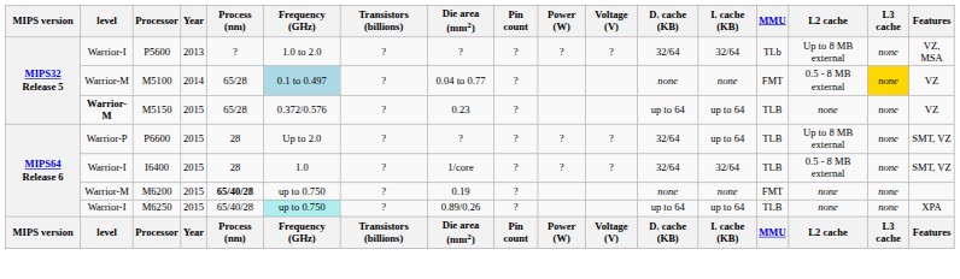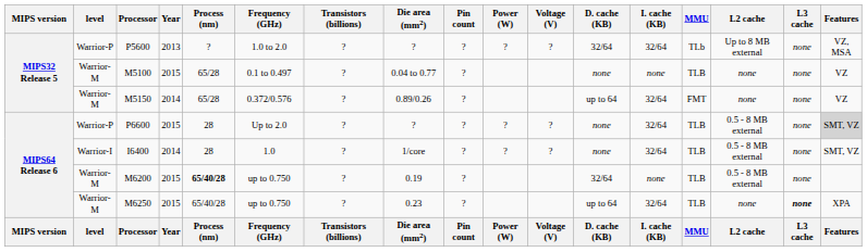 <table class="wikitable sortable mw-datatable" style="font-size: 85%; text-align: center" summary=>
 <tr>
 <th>MIPS version</th>
 <th>level</th>
 <th>Processor</th>
 <th>Year</th>
 <th abbr="Process">Process (nm)</th>
 <th abbr="Frequency">Frequency (GHz)</th>
 <th abbr="Transistors">Transistors (billions)</th>
 <th abbr="Size">Die area (mm<sup>2</sup>)</th>
 <th>Pin count</th>
 <th abbr="Power">Power (W)</th>
 <th abbr="Voltage">Voltage (V)</th>
 <th abbr="Data cache">D. cache (KB)</th>
 <th abbr="Instruction cache">I. cache (KB)</th>
 <th><a href='#'>MMU</a></th>
 <th>L2 cache</th>
 <th>L3 cache</th>
 <th>Features</th>
 </tr>
 <tr>
 <th rowspan=3><a href='#'>MIPS32</a> Release 5</th>
-<td>Warrior-I</td>
+<td>Warrior-P</td>
 <td>P5600</td>
 <td>2013</td>
 <td>?</td>
 <td>1.0 to 2.0</td>
 <td>?</td>
 <td>?</td>
 <td>?</td>
 <td>?</td>
 <td>?</td>
 <td>32/64</td>
 <td>32/64</td>
 <td>TLb</td>
 <td>Up to 8 MB external</td>
 <td><em>none</em></td>
 <td>VZ, MSA</td>
 </tr>
 <tr>
 <td>Warrior-M</td>
 <td>M5100</td>
-<td>2014</td>
+<td>2015</td>
 <td>65/28</td>
-<td style="background: lightblue;">0.1 to 0.497</td>
+<td>0.1 to 0.497</td>
 <td>?</td>
 <td>0.04 to 0.77</td>
 <td>?</td>
 <td></td>
 <td></td>
 <td><em>none</em></td>
 <td><em>none</em></td>
-<td>FMT</td>
-<td>0.5 - 8 MB external</td>
-<td style="background: gold;"><em>none</em></td>
+<td>TLB</td>
+<td><em>none</em></td>
+<td><em>none</em></td>
 <td>VZ</td>
 </tr>
 <tr>
-<td><strong>Warrior-M</strong></td>
+<td>Warrior-M</td>
 <td>M5150</td>
-<td>2015</td>
+<td>2014</td>
 <td>65/28</td>
 <td>0.372/0.576</td>
 <td>?</td>
-<td>0.23</td>
+<td>0.89/0.26</td>
 <td>?</td>
 <td></td>
 <td></td>
 <td>up to 64</td>
-<td>up to 64</td>
-<td>TLB</td>
+<td>32/64</td>
+<td>FMT</td>
 <td><em>none</em></td>
 <td><em>none</em></td>
 <td>VZ</td>
 </tr>
 <tr>
 <th rowspan=4><a href='#'>MIPS64</a> Release 6</th>
 <td>Warrior-P</td>
 <td>P6600</td>
 <td>2015</td>
 <td>28</td>
 <td>Up to 2.0</td>
 <td>?</td>
 <td>?</td>
 <td>?</td>
 <td>?</td>
 <td>?</td>
+<td><em>none</em></td>
 <td>32/64</td>
-<td>up to 64</td>
 <td>TLB</td>
-<td>Up to 8 MB external</td>
+<td>0.5 - 8 MB external</td>
 <td><em>none</em></td>
-<td>SMT, VZ</td>
+<td style="background: lightgrey;">SMT, VZ</td>
 </tr>
 <tr>
 <td>Warrior-I</td>
 <td>I6400</td>
-<td>2015</td>
+<td>2014</td>
 <td>28</td>
 <td>1.0</td>
 <td>?</td>
 <td>1/core</td>
 <td>?</td>
 <td>?</td>
 <td>?</td>
-<td>32/64</td>
+<td><em>none</em></td>
 <td>32/64</td>
 <td>TLB</td>
 <td>0.5 - 8 MB external</td>
 <td><em>none</em></td>
 <td>SMT, VZ</td>
 </tr>
 <tr>
 <td>Warrior-M</td>
 <td>M6200</td>
 <td>2015</td>
 <td><strong>65/40/28</strong></td>
 <td>up to 0.750</td>
 <td>?</td>
 <td>0.19</td>
 <td>?</td>
 <td></td>
 <td></td>
+<td>32/64</td>
 <td><em>none</em></td>
-<td><em>none</em></td>
-<td>FMT</td>
-<td><em>none</em></td>
+<td>TLB</td>
+<td>0.5 - 8 MB external</td>
 <td><em>none</em></td>
 <td></td>
 </tr>
 <tr>
-<td>Warrior-I</td>
+<td>Warrior-M</td>
 <td>M6250</td>
 <td>2015</td>
 <td>65/40/28</td>
-<td style="background: paleturquoise;">up to 0.750</td>
+<td>up to 0.750</td>
 <td>?</td>
-<td>0.89/0.26</td>
+<td>0.23</td>
 <td>?</td>
 <td></td>
 <td></td>
 <td>up to 64</td>
-<td>up to 64</td>
+<td>32/64</td>
 <td>TLB</td>
 <td><em>none</em></td>
-<td><em>none</em></td>
+<td><strong><em>none</em></strong></td>
 <td>XPA</td>
 </tr>
 <tr>
 <th>MIPS version</th>
 <th>level</th>
 <th>Processor</th>
 <th>Year</th>
 <th abbr="Process">Process (nm)</th>
 <th abbr="Frequency">Frequency (GHz)</th>
 <th abbr="Transistors">Transistors (billions)</th>
 <th abbr="Size">Die area (mm<sup>2</sup>)</th>
 <th>Pin count</th>
 <th abbr="Power">Power (W)</th>
 <th abbr="Voltage">Voltage (V)</th>
 <th abbr="Data cache">D. cache (KB)</th>
 <th abbr="Instruction cache">I. cache (KB)</th>
 <th><a href='#'>MMU</a></th>
 <th>L2 cache</th>
 <th>L3 cache</th>
 <th>Features</th>
 </tr>
 </table>
